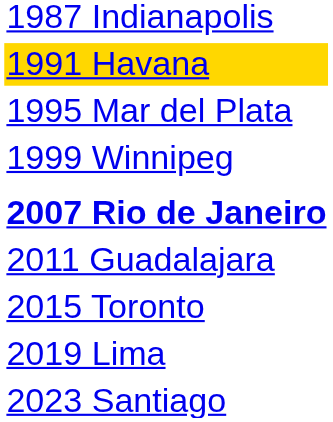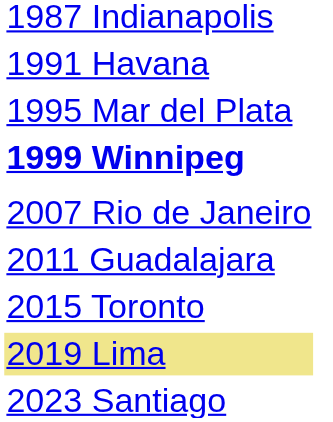 <table>
 <tr>
 <td><a href='#'>1987 Indianapolis</a></td>
 <td></td>
 <td></td>
 <td></td>
 </tr>
 <tr>
-<td style="background: gold;"><a href='#'>1991 Havana</a></td>
+<td><a href='#'>1991 Havana</a></td>
 <td></td>
 <td></td>
 <td></td>
 </tr>
 <tr>
 <td><a href='#'>1995 Mar del Plata</a></td>
 <td></td>
 <td></td>
 <td></td>
 </tr>
 <tr>
-<td><a href='#'>1999 Winnipeg</a></td>
+<td><strong><a href='#'>1999 Winnipeg</a></strong></td>
 <td></td>
 <td></td>
 <td></td>
 </tr>
 <tr>
 <td></td>
 <td></td>
 <td></td>
 <td></td>
 </tr>
 <tr>
-<td><strong><a href='#'>2007 Rio de Janeiro</a></strong></td>
+<td><a href='#'>2007 Rio de Janeiro</a></td>
 <td></td>
 <td></td>
 <td></td>
 </tr>
 <tr>
 <td><a href='#'>2011 Guadalajara</a></td>
 <td></td>
 <td></td>
 <td></td>
 </tr>
 <tr>
 <td><a href='#'>2015 Toronto</a></td>
 <td></td>
 <td></td>
 <td></td>
 </tr>
 <tr>
-<td><a href='#'>2019 Lima</a></td>
+<td style="background: khaki;"><a href='#'>2019 Lima</a></td>
 <td></td>
 <td></td>
 <td></td>
 </tr>
 <tr>
 <td><a href='#'>2023 Santiago</a></td>
 <td></td>
 <td></td>
 <td></td>
 </tr>
 </table>
